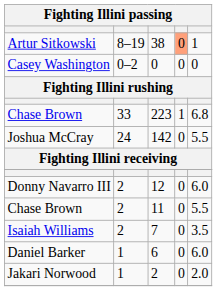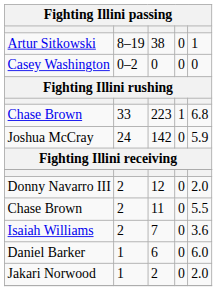 <table class="wikitable plainrowheaders">
 <tr>
 <th colspan="6">Fighting Illini passing</th>
 </tr>
 <tr>
 <th scope="col"></th>
 <th scope="col"></th>
 <th scope="col"></th>
 <th scope="col"></th>
 <th scope="col"></th>
 </tr>
 <tr>
 <td><a href='#'>Artur Sitkowski</a></td>
 <td>8–19</td>
 <td>38</td>
-<td style="background: lightsalmon;">0</td>
+<td>0</td>
 <td>1</td>
 </tr>
 <tr>
 <td><a href='#'>Casey Washington</a></td>
 <td>0–2</td>
 <td>0</td>
 <td>0</td>
 <td>0</td>
 </tr>
 <tr>
 <th colspan="6">Fighting Illini rushing</th>
 </tr>
 <tr>
 <th scope="col"></th>
 <th scope="col"></th>
 <th scope="col"></th>
 <th scope="col"></th>
 <th scope="col"></th>
 </tr>
 <tr>
 <td><a href='#'>Chase Brown</a></td>
 <td>33</td>
 <td>223</td>
 <td>1</td>
 <td>6.8</td>
 </tr>
 <tr>
 <td>Joshua McCray</td>
 <td>24</td>
 <td>142</td>
 <td>0</td>
-<td>5.5</td>
+<td>5.9</td>
 </tr>
 <tr>
 <th colspan="6">Fighting Illini receiving</th>
 </tr>
 <tr>
 </tr>
 <tr>
 <th scope="col"></th>
 <th scope="col"></th>
 <th scope="col"></th>
 <th scope="col"></th>
 <th scope="col"></th>
 </tr>
 <tr>
 <td>Donny Navarro III</td>
 <td>2</td>
 <td>12</td>
 <td>0</td>
-<td>6.0</td>
+<td>2.0</td>
 </tr>
 <tr>
 <td>Chase Brown</td>
 <td>2</td>
 <td>11</td>
 <td>0</td>
 <td>5.5</td>
 </tr>
 <tr>
 <td><a href='#'>Isaiah Williams</a></td>
 <td>2</td>
 <td>7</td>
 <td>0</td>
-<td>3.5</td>
+<td>3.6</td>
 </tr>
 <tr>
 <td>Daniel Barker</td>
 <td>1</td>
 <td>6</td>
 <td>0</td>
 <td>6.0</td>
 </tr>
 <tr>
 <td>Jakari Norwood</td>
 <td>1</td>
 <td>2</td>
 <td>0</td>
 <td>2.0</td>
 </tr>
 <tr>
 </tr>
 </table>
